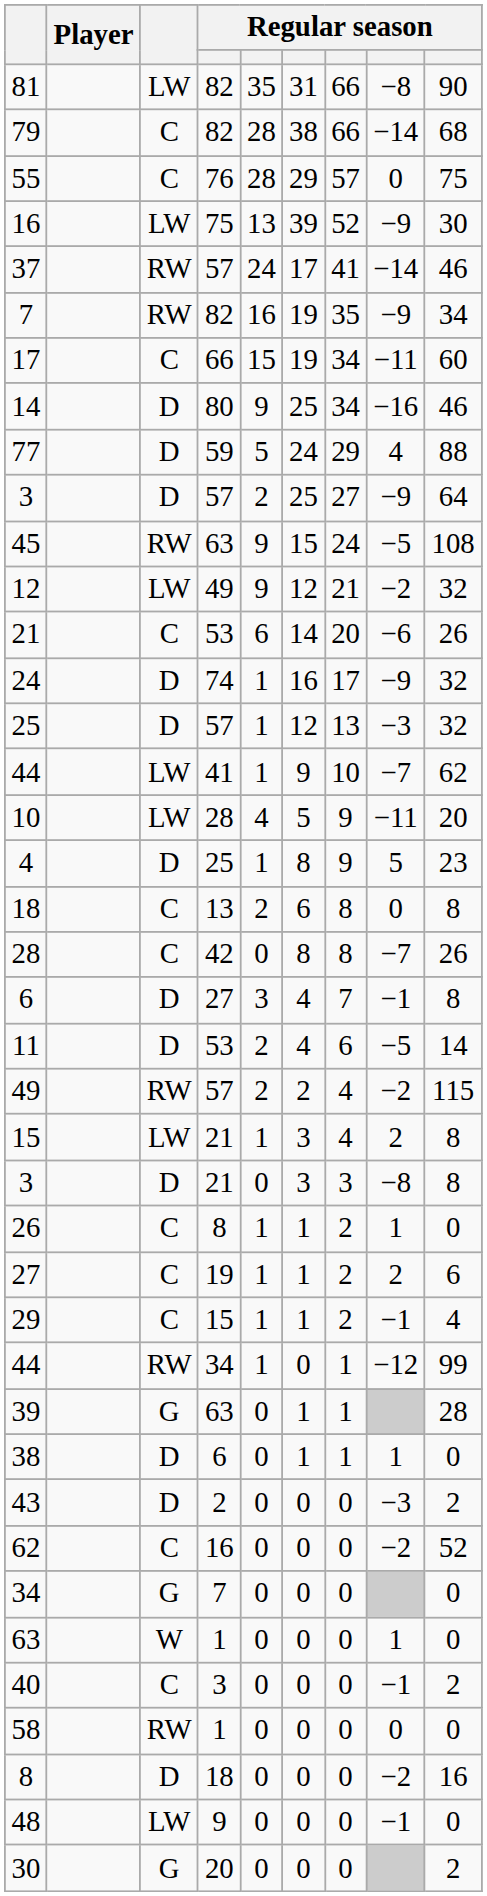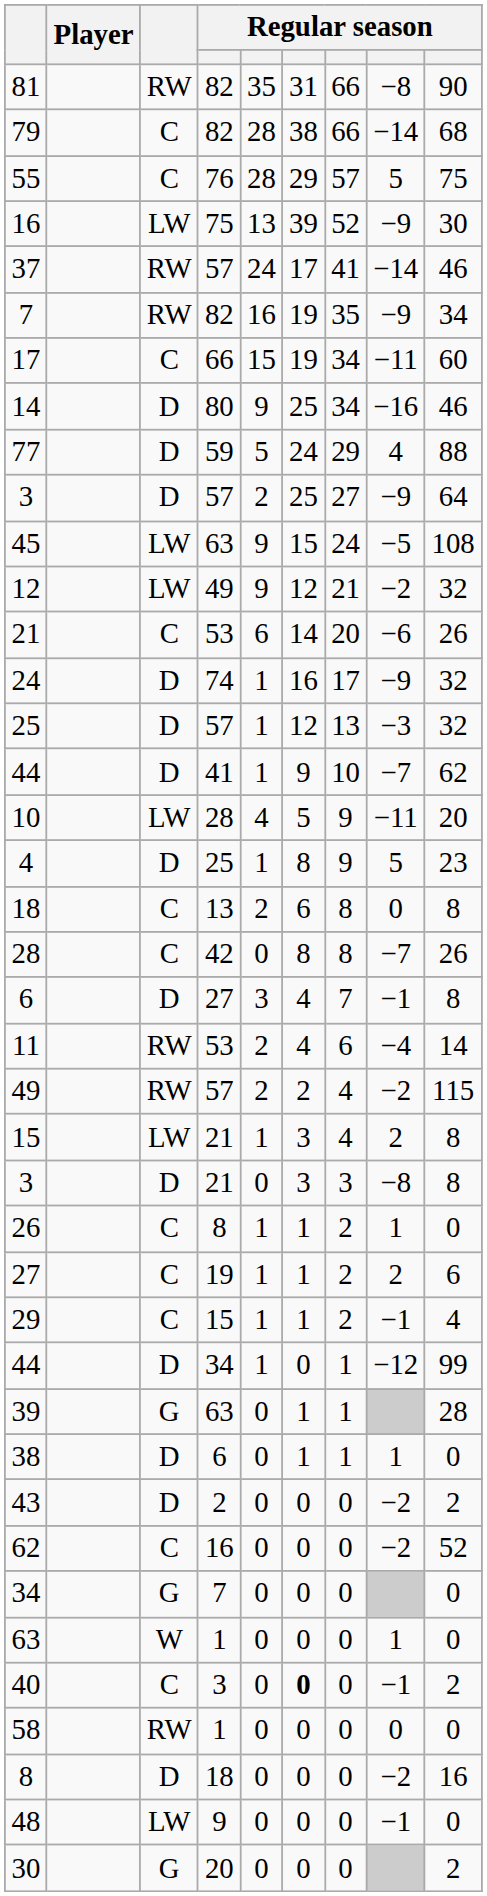 <table class="wikitable sortable plainrowheaders" style="text-align:center;">
 <tr>
 <th scope="col" data-sort-type="number" rowspan="2"></th>
 <th scope="col" rowspan="2">Player</th>
 <th scope="col" rowspan="2"></th>
 <th scope=colgroup colspan=6>Regular season</th>
 </tr>
 <tr>
 <th scope="col" data-sort-type="number"></th>
 <th scope="col" data-sort-type="number"></th>
 <th scope="col" data-sort-type="number"></th>
 <th scope="col" data-sort-type="number"></th>
 <th scope="col" data-sort-type="number"></th>
 <th scope="col" data-sort-type="number"></th>
 </tr>
 <tr>
 <td scope="row">81</td>
 <td align="left"></td>
-<td>LW</td>
+<td>RW</td>
 <td>82</td>
 <td>35</td>
 <td>31</td>
 <td>66</td>
 <td>−8</td>
 <td>90</td>
 </tr>
 <tr>
 <td scope="row">79</td>
 <td align="left"></td>
 <td>C</td>
 <td>82</td>
 <td>28</td>
 <td>38</td>
 <td>66</td>
 <td>−14</td>
 <td>68</td>
 </tr>
 <tr>
 <td scope="row">55</td>
 <td align="left"></td>
 <td>C</td>
 <td>76</td>
 <td>28</td>
 <td>29</td>
 <td>57</td>
-<td>0</td>
+<td>5</td>
 <td>75</td>
 </tr>
 <tr>
 <td scope="row">16</td>
 <td align="left"></td>
 <td>LW</td>
 <td>75</td>
 <td>13</td>
 <td>39</td>
 <td>52</td>
 <td>−9</td>
 <td>30</td>
 </tr>
 <tr>
 <td scope="row">37</td>
 <td align="left"></td>
 <td>RW</td>
 <td>57</td>
 <td>24</td>
 <td>17</td>
 <td>41</td>
 <td>−14</td>
 <td>46</td>
 </tr>
 <tr>
 <td scope="row">7</td>
 <td align="left"></td>
 <td>RW</td>
 <td>82</td>
 <td>16</td>
 <td>19</td>
 <td>35</td>
 <td>−9</td>
 <td>34</td>
 </tr>
 <tr>
 <td scope="row">17</td>
 <td align="left"></td>
 <td>C</td>
 <td>66</td>
 <td>15</td>
 <td>19</td>
 <td>34</td>
 <td>−11</td>
 <td>60</td>
 </tr>
 <tr>
 <td scope="row">14</td>
 <td align="left"></td>
 <td>D</td>
 <td>80</td>
 <td>9</td>
 <td>25</td>
 <td>34</td>
 <td>−16</td>
 <td>46</td>
 </tr>
 <tr>
 <td scope="row">77</td>
 <td align="left"></td>
 <td>D</td>
 <td>59</td>
 <td>5</td>
 <td>24</td>
 <td>29</td>
 <td>4</td>
 <td>88</td>
 </tr>
 <tr>
 <td scope="row">3</td>
 <td align="left"></td>
 <td>D</td>
 <td>57</td>
 <td>2</td>
 <td>25</td>
 <td>27</td>
 <td>−9</td>
 <td>64</td>
 </tr>
 <tr>
 <td scope="row">45</td>
 <td align="left"></td>
-<td>RW</td>
+<td>LW</td>
 <td>63</td>
 <td>9</td>
 <td>15</td>
 <td>24</td>
 <td>−5</td>
 <td>108</td>
 </tr>
 <tr>
 <td scope="row">12</td>
 <td align="left"></td>
 <td>LW</td>
 <td>49</td>
 <td>9</td>
 <td>12</td>
 <td>21</td>
 <td>−2</td>
 <td>32</td>
 </tr>
 <tr>
 <td scope="row">21</td>
 <td align="left"></td>
 <td>C</td>
 <td>53</td>
 <td>6</td>
 <td>14</td>
 <td>20</td>
 <td>−6</td>
 <td>26</td>
 </tr>
 <tr>
 <td scope="row">24</td>
 <td align="left"></td>
 <td>D</td>
 <td>74</td>
 <td>1</td>
 <td>16</td>
 <td>17</td>
 <td>−9</td>
 <td>32</td>
 </tr>
 <tr>
 <td scope="row">25</td>
 <td align="left"></td>
 <td>D</td>
 <td>57</td>
 <td>1</td>
 <td>12</td>
 <td>13</td>
 <td>−3</td>
 <td>32</td>
 </tr>
 <tr>
 <td scope="row">44</td>
 <td align="left"></td>
-<td>LW</td>
+<td>D</td>
 <td>41</td>
 <td>1</td>
 <td>9</td>
 <td>10</td>
 <td>−7</td>
 <td>62</td>
 </tr>
 <tr>
 <td scope="row">10</td>
 <td align="left"></td>
 <td>LW</td>
 <td>28</td>
 <td>4</td>
 <td>5</td>
 <td>9</td>
 <td>−11</td>
 <td>20</td>
 </tr>
 <tr>
 <td scope="row">4</td>
 <td align="left"></td>
 <td>D</td>
 <td>25</td>
 <td>1</td>
 <td>8</td>
 <td>9</td>
 <td>5</td>
 <td>23</td>
 </tr>
 <tr>
 <td scope="row">18</td>
 <td align="left"></td>
 <td>C</td>
 <td>13</td>
 <td>2</td>
 <td>6</td>
 <td>8</td>
 <td>0</td>
 <td>8</td>
 </tr>
 <tr>
 <td scope="row">28</td>
 <td align="left"></td>
 <td>C</td>
 <td>42</td>
 <td>0</td>
 <td>8</td>
 <td>8</td>
 <td>−7</td>
 <td>26</td>
 </tr>
 <tr>
 <td scope="row">6</td>
 <td align="left"></td>
 <td>D</td>
 <td>27</td>
 <td>3</td>
 <td>4</td>
 <td>7</td>
 <td>−1</td>
 <td>8</td>
 </tr>
 <tr>
 <td scope="row">11</td>
 <td align="left"></td>
-<td>D</td>
+<td>RW</td>
 <td>53</td>
 <td>2</td>
 <td>4</td>
 <td>6</td>
-<td>−5</td>
+<td>−4</td>
 <td>14</td>
 </tr>
 <tr>
 <td scope="row">49</td>
 <td align="left"></td>
 <td>RW</td>
 <td>57</td>
 <td>2</td>
 <td>2</td>
 <td>4</td>
 <td>−2</td>
 <td>115</td>
 </tr>
 <tr>
 <td scope="row">15</td>
 <td align="left"></td>
 <td>LW</td>
 <td>21</td>
 <td>1</td>
 <td>3</td>
 <td>4</td>
 <td>2</td>
 <td>8</td>
 </tr>
 <tr>
 <td scope="row">3</td>
 <td align="left"></td>
 <td>D</td>
 <td>21</td>
 <td>0</td>
 <td>3</td>
 <td>3</td>
 <td>−8</td>
 <td>8</td>
 </tr>
 <tr>
 <td scope="row">26</td>
 <td align="left"></td>
 <td>C</td>
 <td>8</td>
 <td>1</td>
 <td>1</td>
 <td>2</td>
 <td>1</td>
 <td>0</td>
 </tr>
 <tr>
 <td scope="row">27</td>
 <td align="left"></td>
 <td>C</td>
 <td>19</td>
 <td>1</td>
 <td>1</td>
 <td>2</td>
 <td>2</td>
 <td>6</td>
 </tr>
 <tr>
 <td scope="row">29</td>
 <td align="left"></td>
 <td>C</td>
 <td>15</td>
 <td>1</td>
 <td>1</td>
 <td>2</td>
 <td>−1</td>
 <td>4</td>
 </tr>
 <tr>
 <td scope="row">44</td>
 <td align="left"></td>
-<td>RW</td>
+<td>D</td>
 <td>34</td>
 <td>1</td>
 <td>0</td>
 <td>1</td>
 <td>−12</td>
 <td>99</td>
 </tr>
 <tr>
 <td scope="row">39</td>
 <td align="left"></td>
 <td>G</td>
 <td>63</td>
 <td>0</td>
 <td>1</td>
 <td>1</td>
 <td style="background:#ccc"></td>
 <td>28</td>
 </tr>
 <tr>
 <td scope="row">38</td>
 <td align="left"></td>
 <td>D</td>
 <td>6</td>
 <td>0</td>
 <td>1</td>
 <td>1</td>
 <td>1</td>
 <td>0</td>
 </tr>
 <tr>
 <td scope="row">43</td>
 <td align="left"></td>
 <td>D</td>
 <td>2</td>
 <td>0</td>
 <td>0</td>
 <td>0</td>
-<td>−3</td>
+<td>−2</td>
 <td>2</td>
 </tr>
 <tr>
 <td scope="row">62</td>
 <td align="left"></td>
 <td>C</td>
 <td>16</td>
 <td>0</td>
 <td>0</td>
 <td>0</td>
 <td>−2</td>
 <td>52</td>
 </tr>
 <tr>
 <td scope="row">34</td>
 <td align="left"></td>
 <td>G</td>
 <td>7</td>
 <td>0</td>
 <td>0</td>
 <td>0</td>
 <td style="background:#ccc"></td>
 <td>0</td>
 </tr>
 <tr>
 <td scope="row">63</td>
 <td align="left"></td>
 <td>W</td>
 <td>1</td>
 <td>0</td>
 <td>0</td>
 <td>0</td>
 <td>1</td>
 <td>0</td>
 </tr>
 <tr>
 <td scope="row">40</td>
 <td align="left"></td>
 <td>C</td>
 <td>3</td>
 <td>0</td>
-<td>0</td>
+<td><strong>0</strong></td>
 <td>0</td>
 <td>−1</td>
 <td>2</td>
 </tr>
 <tr>
 <td scope="row">58</td>
 <td align="left"></td>
 <td>RW</td>
 <td>1</td>
 <td>0</td>
 <td>0</td>
 <td>0</td>
 <td>0</td>
 <td>0</td>
 </tr>
 <tr>
 <td scope="row">8</td>
 <td align="left"></td>
 <td>D</td>
 <td>18</td>
 <td>0</td>
 <td>0</td>
 <td>0</td>
 <td>−2</td>
 <td>16</td>
 </tr>
 <tr>
 <td scope="row">48</td>
 <td align="left"></td>
 <td>LW</td>
 <td>9</td>
 <td>0</td>
 <td>0</td>
 <td>0</td>
 <td>−1</td>
 <td>0</td>
 </tr>
 <tr>
 <td scope="row">30</td>
 <td align="left"></td>
 <td>G</td>
 <td>20</td>
 <td>0</td>
 <td>0</td>
 <td>0</td>
 <td style="background:#ccc"></td>
 <td>2</td>
 </tr>
 </table>
